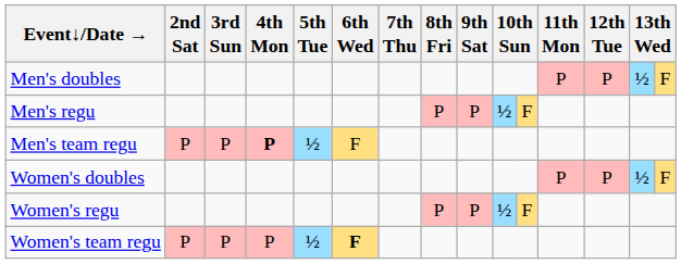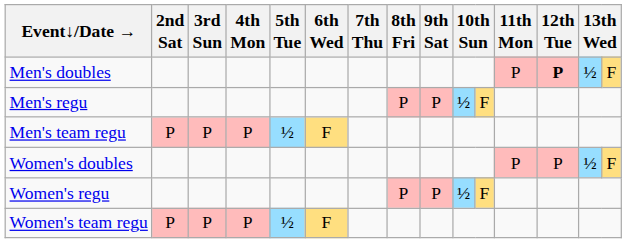 <table class="wikitable" style="margin:0.5em auto; font-size:90%; line-height:1.25em; text-align:center;">
 <tr>
 <th>Event↓/Date →</th>
 <th>2nd<br>Sat</th>
 <th>3rd<br>Sun</th>
 <th>4th<br>Mon</th>
 <th>5th<br>Tue</th>
 <th>6th<br>Wed</th>
 <th>7th<br>Thu</th>
 <th>8th<br>Fri</th>
 <th>9th<br>Sat</th>
 <th colspan=2>10th<br>Sun</th>
 <th>11th<br>Mon</th>
 <th>12th<br>Tue</th>
 <th colspan=2>13th<br>Wed</th>
 </tr>
 <tr>
 <td align="left"><a href='#'>Men's doubles</a></td>
 <td></td>
 <td></td>
 <td></td>
 <td></td>
 <td></td>
 <td></td>
 <td></td>
 <td></td>
 <td colspan=2></td>
 <td bgcolor="#FFBBBB">P</td>
-<td bgcolor="#FFBBBB">P</td>
+<td bgcolor="#FFBBBB"><strong>P</strong></td>
 <td bgcolor="#97DEFF">½</td>
 <td bgcolor="#FFDF80">F</td>
 </tr>
 <tr>
 <td align="left"><a href='#'>Men's regu</a></td>
 <td></td>
 <td></td>
 <td></td>
 <td></td>
 <td></td>
 <td></td>
 <td bgcolor="#FFBBBB">P</td>
 <td bgcolor="#FFBBBB">P</td>
 <td bgcolor="#97DEFF">½</td>
 <td bgcolor="#FFDF80">F</td>
 <td></td>
 <td></td>
 <td colspan=2></td>
 </tr>
 <tr>
 <td align="left"><a href='#'>Men's team regu</a></td>
 <td bgcolor="#FFBBBB">P</td>
 <td bgcolor="#FFBBBB">P</td>
-<td bgcolor="#FFBBBB"><strong>P</strong></td>
+<td bgcolor="#FFBBBB">P</td>
 <td bgcolor="#97DEFF">½</td>
 <td bgcolor="#FFDF80">F</td>
 <td></td>
 <td></td>
 <td></td>
 <td colspan=2></td>
 <td></td>
 <td></td>
 <td colspan=2></td>
 </tr>
 <tr>
 <td align="left"><a href='#'>Women's doubles</a></td>
 <td></td>
 <td></td>
 <td></td>
 <td></td>
 <td></td>
 <td></td>
 <td></td>
 <td></td>
 <td colspan=2></td>
 <td bgcolor="#FFBBBB">P</td>
 <td bgcolor="#FFBBBB">P</td>
 <td bgcolor="#97DEFF">½</td>
 <td bgcolor="#FFDF80">F</td>
 </tr>
 <tr>
 <td align="left"><a href='#'>Women's regu</a></td>
 <td></td>
 <td></td>
 <td></td>
 <td></td>
 <td></td>
 <td></td>
 <td bgcolor="#FFBBBB">P</td>
 <td bgcolor="#FFBBBB">P</td>
 <td bgcolor="#97DEFF">½</td>
 <td bgcolor="#FFDF80">F</td>
 <td></td>
 <td></td>
 <td colspan=2></td>
 </tr>
 <tr>
 <td align="left"><a href='#'>Women's team regu</a></td>
 <td bgcolor="#FFBBBB">P</td>
 <td bgcolor="#FFBBBB">P</td>
 <td bgcolor="#FFBBBB">P</td>
 <td bgcolor="#97DEFF">½</td>
-<td bgcolor="#FFDF80"><strong>F</strong></td>
+<td bgcolor="#FFDF80">F</td>
 <td></td>
 <td></td>
 <td></td>
 <td colspan=2></td>
 <td></td>
 <td></td>
 <td colspan=2></td>
 </tr>
 </table>
